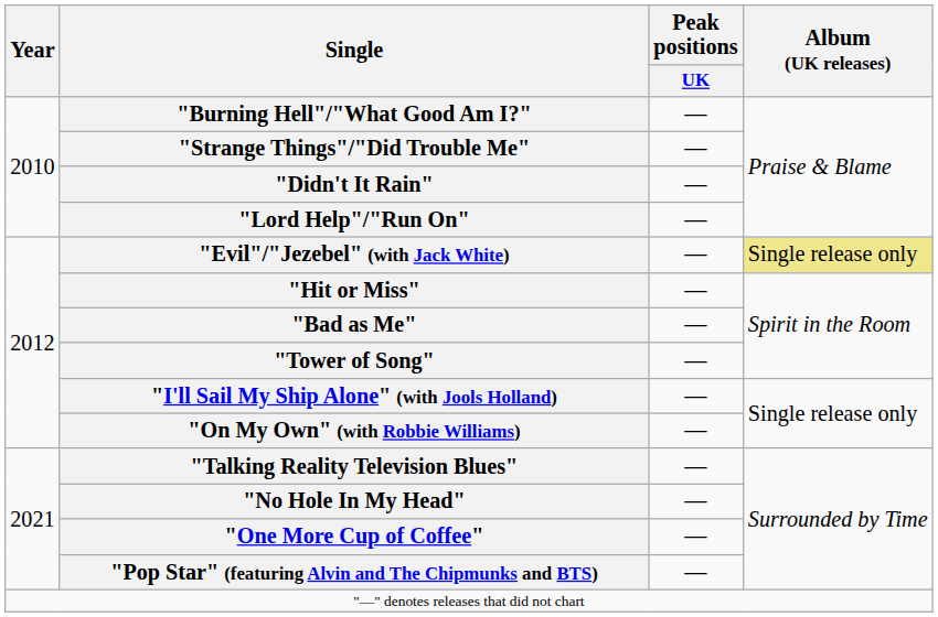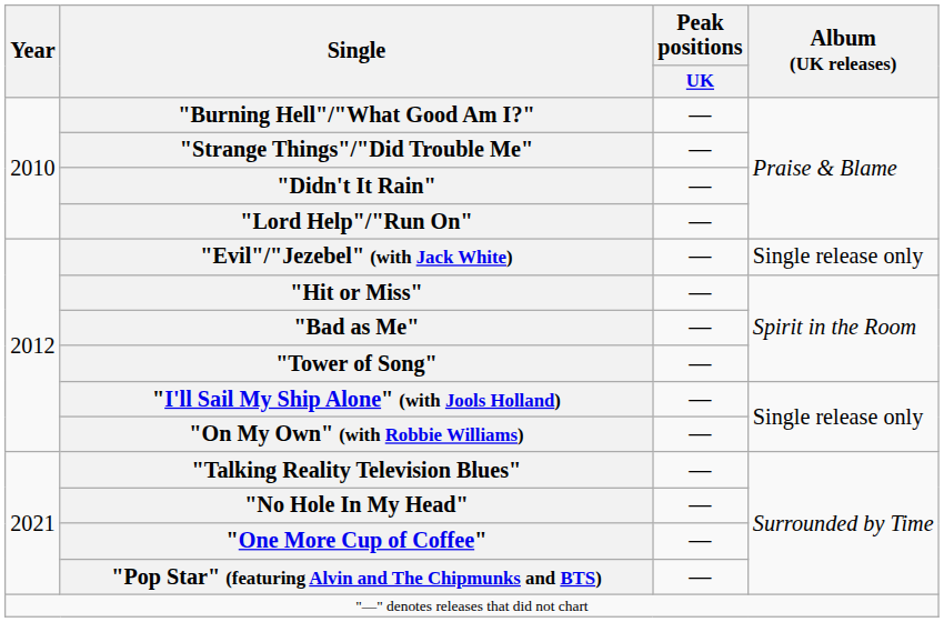 <table class="wikitable plainrowheaders" style="text-align:center;">
 <tr>
 <th rowspan="2">Year</th>
 <th rowspan="2" style="width:26em;">Single</th>
 <th>Peak positions</th>
 <th rowspan="2">Album<br><small>(UK releases)</small></th>
 </tr>
 <tr style="font-size:smaller;">
 <th width="60"><a href='#'>UK</a><br></th>
 </tr>
 <tr>
 <td rowspan="4">2010</td>
 <th scope="row">"Burning Hell"/"What Good Am I?"</th>
 <td>—</td>
 <td align="left" rowspan="4"><em>Praise & Blame</em></td>
 </tr>
 <tr>
 <th scope="row">"Strange Things"/"Did Trouble Me"</th>
 <td>—</td>
 </tr>
 <tr>
 <th scope="row">"Didn't It Rain"</th>
 <td>—</td>
 </tr>
 <tr>
 <th scope="row">"Lord Help"/"Run On"</th>
 <td>—</td>
 </tr>
 <tr>
 <td rowspan="6">2012</td>
 <th scope="row">"Evil"/"Jezebel" <small>(with <a href='#'>Jack White</a>)</small></th>
 <td>—</td>
-<td align="left" style="background: khaki;">Single release only</td>
+<td align="left">Single release only</td>
 </tr>
 <tr>
 <th scope="row">"Hit or Miss"</th>
 <td>—</td>
 <td align="left" rowspan="3"><em>Spirit in the Room</em></td>
 </tr>
 <tr>
 <th scope="row">"Bad as Me"</th>
 <td>—</td>
 </tr>
 <tr>
 <th scope="row">"Tower of Song"</th>
 <td>—</td>
 </tr>
 <tr>
 <th scope="row">"<a href='#'>I'll Sail My Ship Alone</a>" <small>(with <a href='#'>Jools Holland</a>)</small></th>
 <td>—</td>
 <td align="left" rowspan="2">Single release only</td>
 </tr>
 <tr>
 <th scope="row">"On My Own" <small>(with <a href='#'>Robbie Williams</a>)</small></th>
 <td>—</td>
 </tr>
 <tr>
 <td rowspan="4">2021</td>
 <th scope="row">"Talking Reality Television Blues"</th>
 <td>—</td>
 <td align="left" rowspan="4"><em>Surrounded by Time</em></td>
 </tr>
 <tr>
 <th scope="row">"No Hole In My Head"</th>
 <td>—</td>
 </tr>
 <tr>
 <th scope="row">"<a href='#'>One More Cup of Coffee</a>"</th>
 <td>—</td>
 </tr>
 <tr>
 <th scope="row">"Pop Star" <small>(featuring <a href='#'>Alvin and The Chipmunks</a> and <a href='#'>BTS</a>)</small></th>
 <td>—</td>
 </tr>
 <tr>
 <td colspan="4" style="font-size:8pt">"—" denotes releases that did not chart</td>
 </tr>
 </table>
